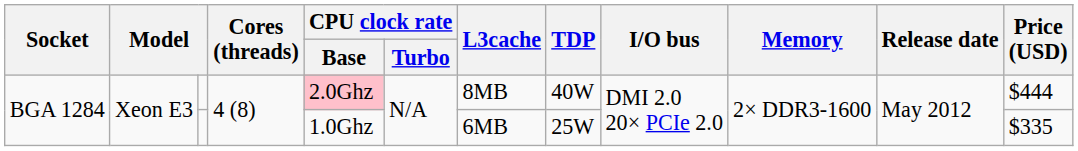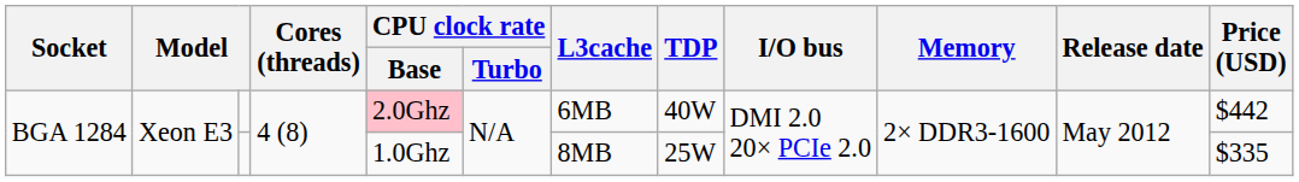 <table class="wikitable">
 <tr>
 <th rowspan="2">Socket</th>
 <th colspan="2" rowspan="2">Model</th>
 <th rowspan="2">Cores<br>(threads)</th>
 <th colspan="2">CPU <a href='#'>clock rate</a></th>
 <th rowspan="2"><a href='#'>L3cache</a></th>
 <th rowspan="2"><a href='#'>TDP</a></th>
 <th rowspan="2">I/O bus</th>
 <th rowspan="2"><a href='#'>Memory</a></th>
 <th rowspan="2">Release date</th>
 <th rowspan="2">Price<br>(USD)</th>
 </tr>
 <tr>
 <th>Base</th>
 <th><a href='#'>Turbo</a></th>
 </tr>
 <tr>
 <td rowspan="2">BGA 1284</td>
 <td rowspan="2">Xeon E3</td>
 <td></td>
 <td rowspan="2">4 (8)</td>
 <td style="background: pink;">2.0Ghz</td>
 <td rowspan="2" class="table-na" data-sort-value="">N/A</td>
-<td>8MB</td>
+<td>6MB</td>
 <td>40W</td>
 <td rowspan="2">DMI 2.0<br>20× <a href='#'>PCIe</a> 2.0</td>
 <td rowspan="2">2× DDR3-1600</td>
 <td rowspan="2">May 2012</td>
-<td>$444</td>
+<td>$442</td>
 </tr>
 <tr>
 <td></td>
 <td>1.0Ghz</td>
-<td>6MB</td>
+<td>8MB</td>
 <td>25W</td>
 <td>$335</td>
 </tr>
 </table>
